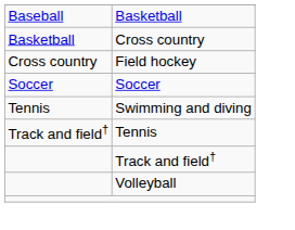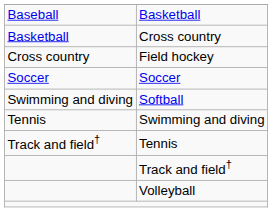 <table class="wikitable" style= " ">
 <tr>
 </tr>
 <tr>
 <td><a href='#'>Baseball</a></td>
 <td><a href='#'>Basketball</a></td>
 </tr>
 <tr>
 <td><a href='#'>Basketball</a></td>
 <td>Cross country</td>
 </tr>
 <tr>
 <td>Cross country</td>
 <td>Field hockey</td>
 </tr>
 <tr>
 <td><a href='#'>Soccer</a></td>
 <td><a href='#'>Soccer</a></td>
+</tr>
+<tr>
+<td>Swimming and diving</td>
+<td><a href='#'>Softball</a></td>
 </tr>
 <tr>
 <td>Tennis</td>
 <td>Swimming and diving</td>
 </tr>
 <tr>
 <td>Track and field<sup>†</sup></td>
 <td>Tennis</td>
 </tr>
 <tr>
 <td></td>
 <td>Track and field<sup>†</sup></td>
 </tr>
 <tr>
 <td></td>
 <td>Volleyball</td>
 </tr>
 <tr>
 <td colspan="2"></td>
 </tr>
 </table>
